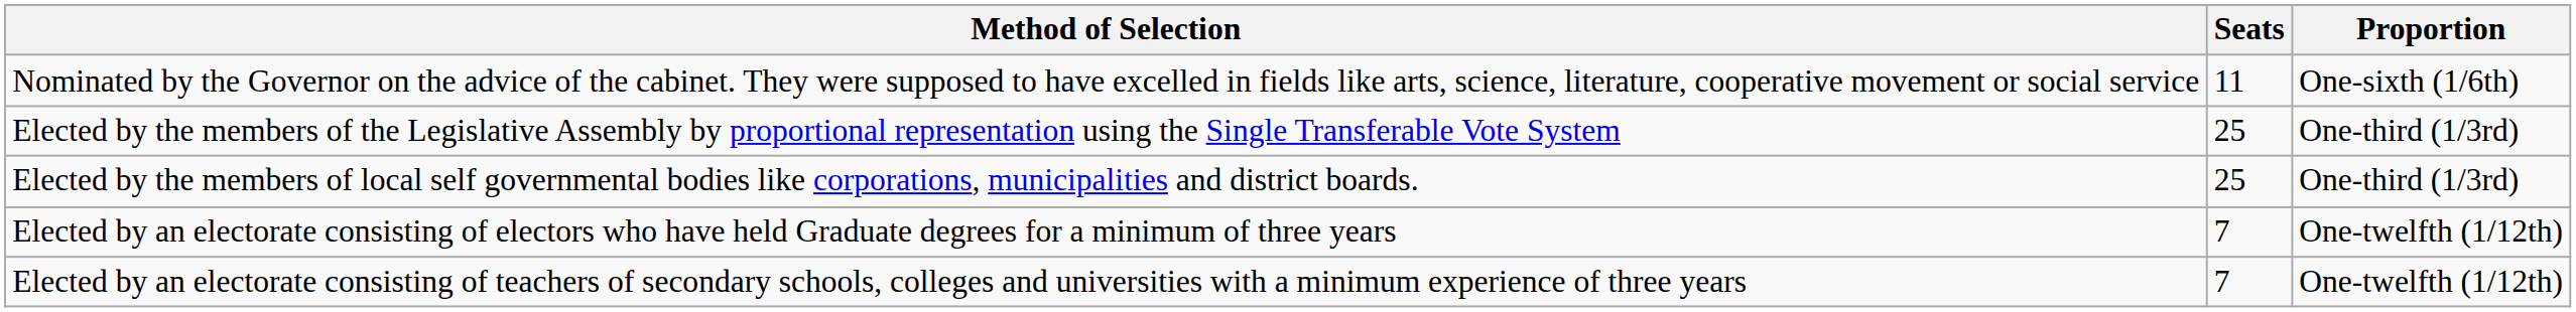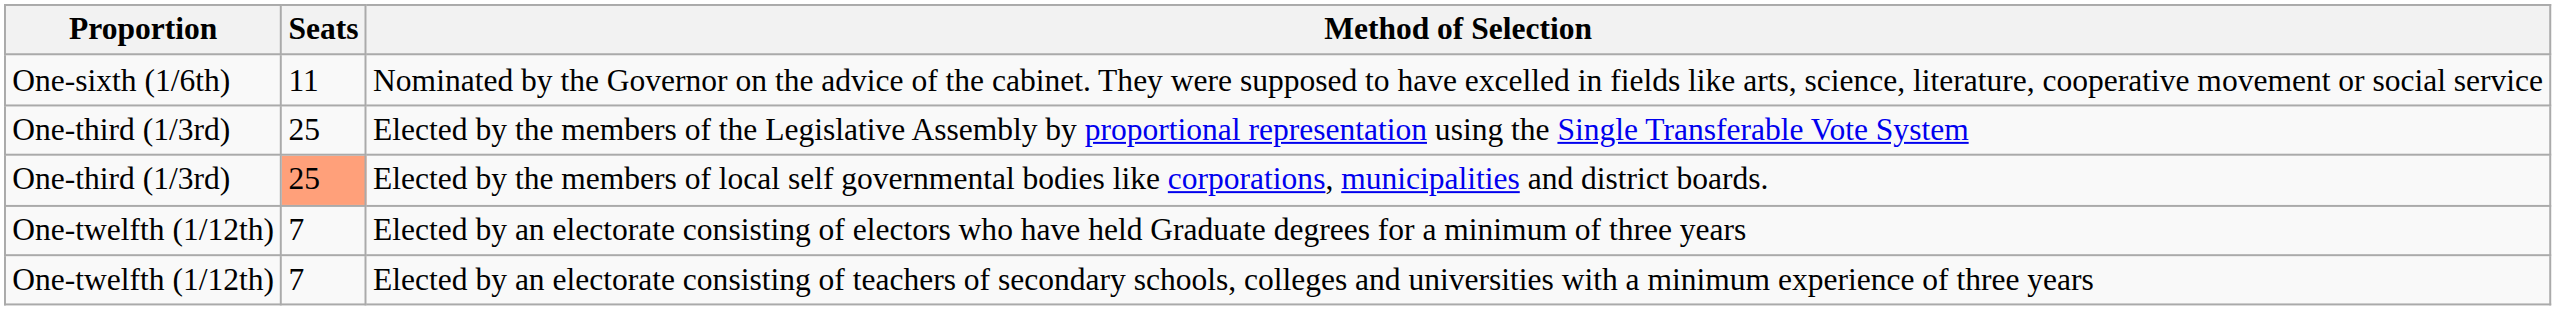 <table class="wikitable">
 <tr>
+<th>Proportion</th>
+<th>Seats</th>
 <th>Method of Selection</th>
-<th>Seats</th>
-<th>Proportion</th>
 </tr>
 <tr>
+<td>One-sixth (1/6th)</td>
+<td>11</td>
 <td>Nominated by the Governor on the advice of the cabinet. They were supposed to have excelled in fields like arts, science, literature, cooperative movement or social service</td>
-<td>11</td>
-<td>One-sixth (1/6th)</td>
 </tr>
 <tr>
+<td>One-third (1/3rd)</td>
+<td>25</td>
 <td>Elected by the members of the Legislative Assembly by <a href='#'>proportional representation</a> using the <a href='#'>Single Transferable Vote System</a></td>
-<td>25</td>
-<td>One-third (1/3rd)</td>
 </tr>
 <tr>
+<td>One-third (1/3rd)</td>
+<td style="background: lightsalmon;">25</td>
 <td>Elected by the members of local self governmental bodies like <a href='#'>corporations</a>, <a href='#'>municipalities</a> and district boards.</td>
-<td>25</td>
-<td>One-third (1/3rd)</td>
 </tr>
 <tr>
+<td>One-twelfth (1/12th)</td>
+<td>7</td>
 <td>Elected by an electorate consisting of electors who have held Graduate degrees for a minimum of three years</td>
-<td>7</td>
-<td>One-twelfth (1/12th)</td>
 </tr>
 <tr>
+<td>One-twelfth (1/12th)</td>
+<td>7</td>
 <td>Elected by an electorate consisting of teachers of secondary schools, colleges and universities with a minimum experience of three years</td>
-<td>7</td>
-<td>One-twelfth (1/12th)</td>
 </tr>
 </table>
